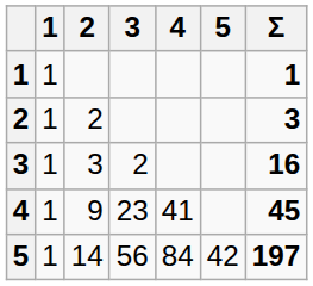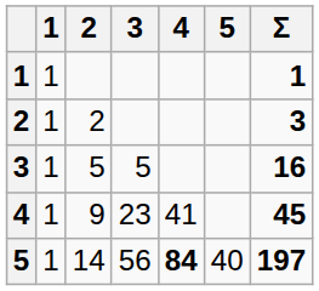 <table class="wikitable" style="float:right; text-align:right;">
 <tr>
 <th></th>
 <th>1</th>
 <th>2</th>
 <th>3</th>
 <th>4</th>
 <th>5</th>
 <th>Σ</th>
 </tr>
 <tr>
 <th>1</th>
 <td>1</td>
 <td></td>
 <td></td>
 <td></td>
 <td></td>
 <td><strong>1</strong></td>
 </tr>
 <tr>
 <th>2</th>
 <td>1</td>
 <td>2</td>
 <td></td>
 <td></td>
 <td></td>
 <td><strong>3</strong></td>
 </tr>
 <tr>
 <th>3</th>
 <td>1</td>
-<td>3</td>
-<td>2</td>
+<td>5</td>
+<td>5</td>
 <td></td>
 <td></td>
 <td><strong>16</strong></td>
 </tr>
 <tr>
 <th>4</th>
 <td>1</td>
 <td>9</td>
 <td>23</td>
 <td>41</td>
 <td></td>
 <td><strong>45</strong></td>
 </tr>
 <tr>
 <th>5</th>
 <td>1</td>
 <td>14</td>
 <td>56</td>
-<td>84</td>
-<td>42</td>
+<td><strong>84</strong></td>
+<td>40</td>
 <td><strong>197</strong></td>
 </tr>
 </table>
